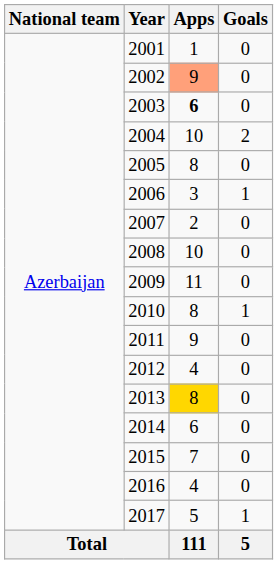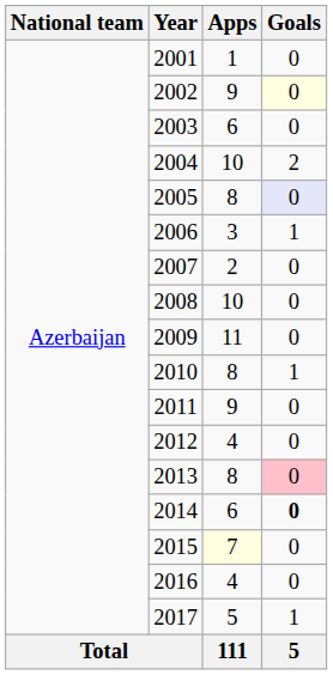 <table class="wikitable" style="text-align:center">
 <tr>
 <th>National team</th>
 <th>Year</th>
 <th>Apps</th>
 <th>Goals</th>
 </tr>
 <tr>
 <td rowspan="17"><a href='#'>Azerbaijan</a></td>
 <td>2001</td>
 <td>1</td>
 <td>0</td>
 </tr>
 <tr>
 <td>2002</td>
-<td style="background: lightsalmon;">9</td>
-<td>0</td>
+<td>9</td>
+<td style="background: lightyellow;">0</td>
 </tr>
 <tr>
 <td>2003</td>
-<td><strong>6</strong></td>
+<td>6</td>
 <td>0</td>
 </tr>
 <tr>
 <td>2004</td>
 <td>10</td>
 <td>2</td>
 </tr>
 <tr>
 <td>2005</td>
 <td>8</td>
-<td>0</td>
+<td style="background: lavender;">0</td>
 </tr>
 <tr>
 <td>2006</td>
 <td>3</td>
 <td>1</td>
 </tr>
 <tr>
 <td>2007</td>
 <td>2</td>
 <td>0</td>
 </tr>
 <tr>
 <td>2008</td>
 <td>10</td>
 <td>0</td>
 </tr>
 <tr>
 <td>2009</td>
 <td>11</td>
 <td>0</td>
 </tr>
 <tr>
 <td>2010</td>
 <td>8</td>
 <td>1</td>
 </tr>
 <tr>
 <td>2011</td>
 <td>9</td>
 <td>0</td>
 </tr>
 <tr>
 <td>2012</td>
 <td>4</td>
 <td>0</td>
 </tr>
 <tr>
 <td>2013</td>
-<td style="background: gold;">8</td>
-<td>0</td>
+<td>8</td>
+<td style="background: pink;">0</td>
 </tr>
 <tr>
 <td>2014</td>
 <td>6</td>
-<td>0</td>
+<td><strong>0</strong></td>
 </tr>
 <tr>
 <td>2015</td>
-<td>7</td>
+<td style="background: lightyellow;">7</td>
 <td>0</td>
 </tr>
 <tr>
 <td>2016</td>
 <td>4</td>
 <td>0</td>
 </tr>
 <tr>
 <td>2017</td>
 <td>5</td>
 <td>1</td>
 </tr>
 <tr>
 <th colspan="2">Total</th>
 <th>111</th>
 <th>5</th>
 </tr>
 </table>
